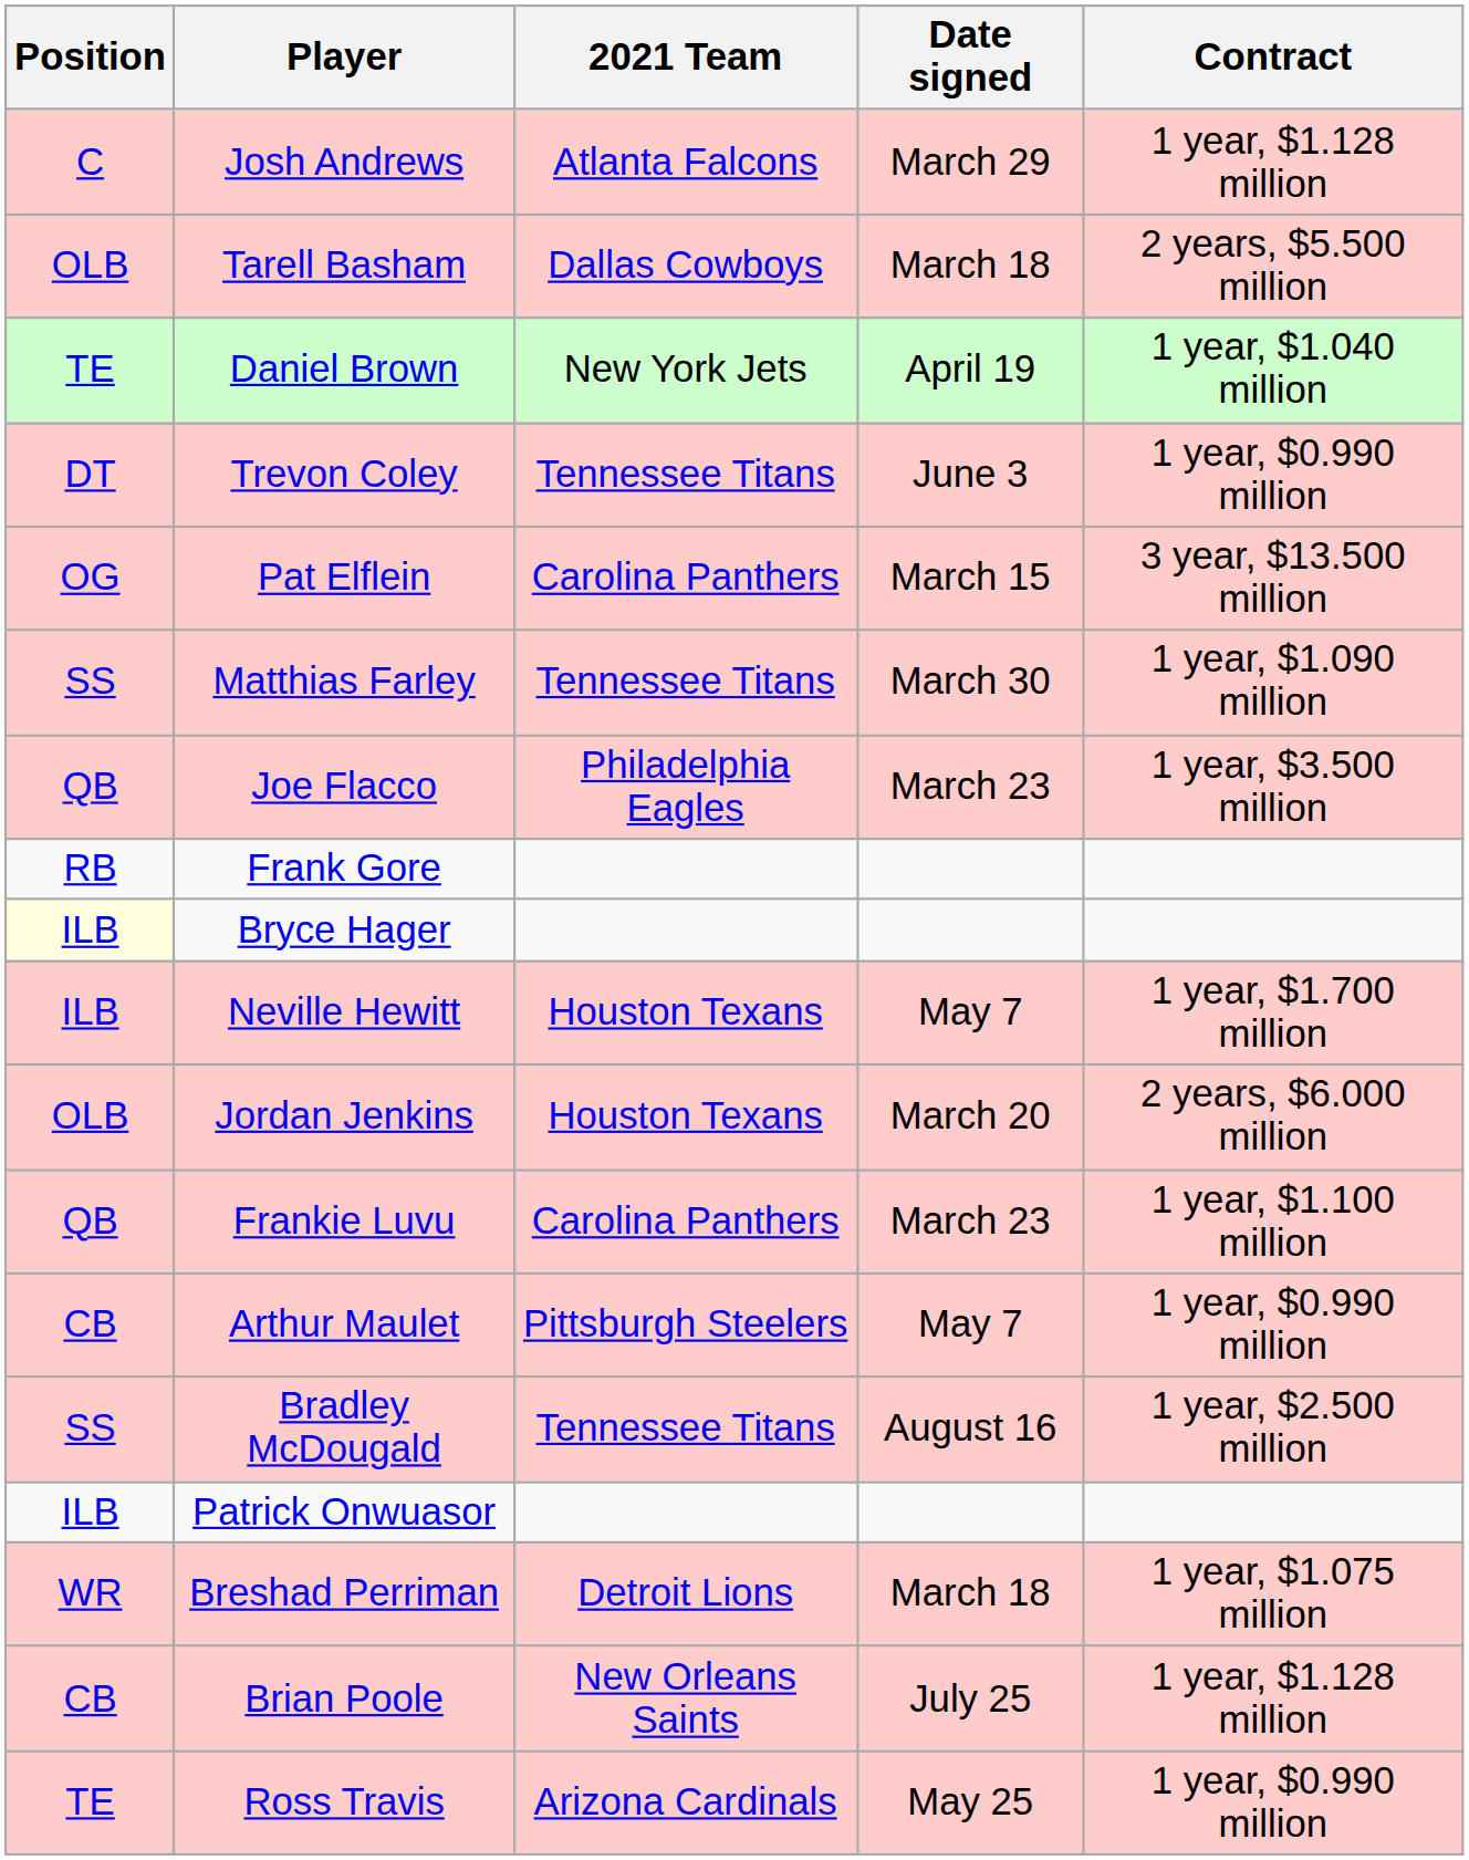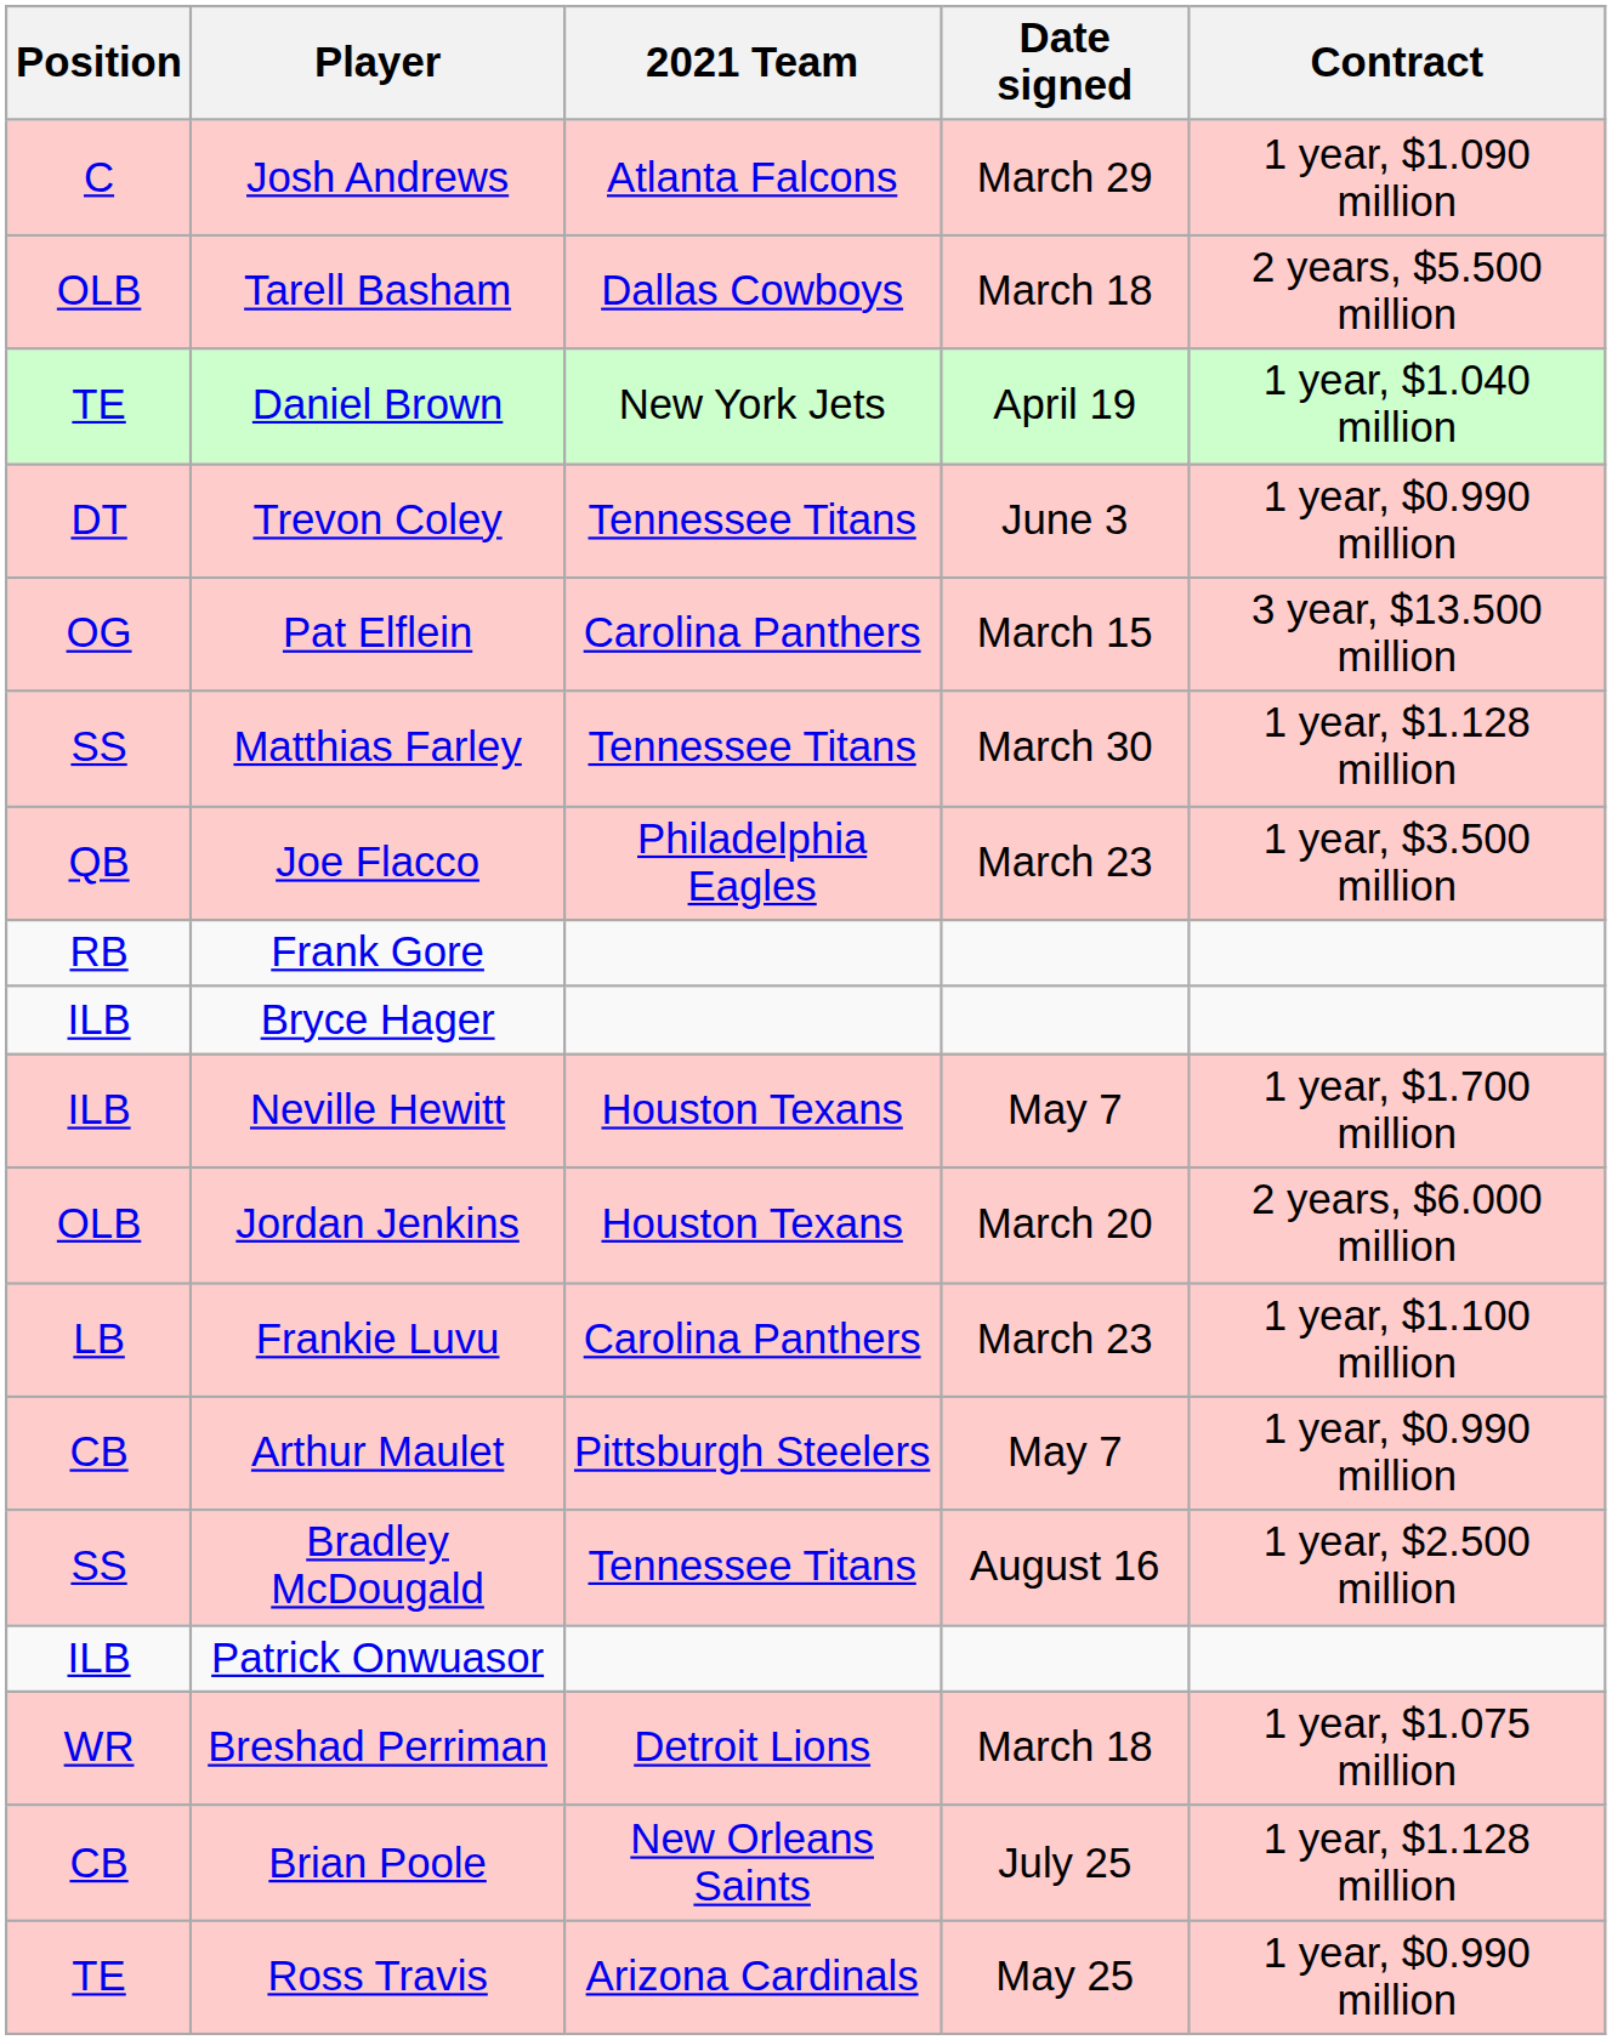 <table class="wikitable sortable" style="text-align:center">
 <tr>
 <th>Position</th>
 <th>Player</th>
 <th>2021 Team</th>
 <th>Date signed</th>
 <th>Contract</th>
 </tr>
 <tr style="background:#fcc;">
 <td><a href='#'>C</a></td>
 <td><a href='#'>Josh Andrews</a></td>
 <td><a href='#'>Atlanta Falcons</a></td>
 <td>March 29</td>
-<td>1 year, $1.128 million</td>
+<td>1 year, $1.090 million</td>
 </tr>
 <tr style="background:#fcc;">
 <td><a href='#'>OLB</a></td>
 <td><a href='#'>Tarell Basham</a></td>
 <td><a href='#'>Dallas Cowboys</a></td>
 <td>March 18</td>
 <td>2 years, $5.500 million</td>
 </tr>
 <tr style="background:#cfc;">
 <td><a href='#'>TE</a></td>
 <td><a href='#'>Daniel Brown</a></td>
 <td>New York Jets</td>
 <td>April 19</td>
 <td>1 year, $1.040 million</td>
 </tr>
 <tr style="background:#fcc;">
 <td><a href='#'>DT</a></td>
 <td><a href='#'>Trevon Coley</a></td>
 <td><a href='#'>Tennessee Titans</a></td>
 <td>June 3</td>
 <td>1 year, $0.990 million</td>
 </tr>
 <tr style="background:#fcc;">
 <td><a href='#'>OG</a></td>
 <td><a href='#'>Pat Elflein</a></td>
 <td><a href='#'>Carolina Panthers</a></td>
 <td>March 15</td>
 <td>3 year, $13.500 million</td>
 </tr>
 <tr style="background:#fcc;">
 <td><a href='#'>SS</a></td>
 <td><a href='#'>Matthias Farley</a></td>
 <td><a href='#'>Tennessee Titans</a></td>
 <td>March 30</td>
-<td>1 year, $1.090 million</td>
+<td>1 year, $1.128 million</td>
 </tr>
 <tr style="background:#fcc;">
 <td><a href='#'>QB</a></td>
 <td><a href='#'>Joe Flacco</a></td>
 <td><a href='#'>Philadelphia Eagles</a></td>
 <td>March 23</td>
 <td>1 year, $3.500 million</td>
 </tr>
 <tr>
 <td><a href='#'>RB</a></td>
 <td><a href='#'>Frank Gore</a></td>
 <td></td>
 <td></td>
 <td></td>
 </tr>
 <tr>
-<td style="background: lightyellow;"><a href='#'>ILB</a></td>
+<td><a href='#'>ILB</a></td>
 <td><a href='#'>Bryce Hager</a></td>
 <td></td>
 <td></td>
 <td></td>
 </tr>
 <tr style="background:#fcc;">
 <td><a href='#'>ILB</a></td>
 <td><a href='#'>Neville Hewitt</a></td>
 <td><a href='#'>Houston Texans</a></td>
 <td>May 7</td>
 <td>1 year, $1.700 million</td>
 </tr>
 <tr style="background:#fcc;">
 <td><a href='#'>OLB</a></td>
 <td><a href='#'>Jordan Jenkins</a></td>
 <td><a href='#'>Houston Texans</a></td>
 <td>March 20</td>
 <td>2 years, $6.000 million</td>
 </tr>
 <tr style="background:#fcc;">
-<td><a href='#'>QB</a></td>
+<td><a href='#'>LB</a></td>
 <td><a href='#'>Frankie Luvu</a></td>
 <td><a href='#'>Carolina Panthers</a></td>
 <td>March 23</td>
 <td>1 year, $1.100 million</td>
 </tr>
 <tr style="background:#fcc;">
 <td><a href='#'>CB</a></td>
 <td><a href='#'>Arthur Maulet</a></td>
 <td><a href='#'>Pittsburgh Steelers</a></td>
 <td>May 7</td>
 <td>1 year, $0.990 million</td>
 </tr>
 <tr style="background:#fcc;">
 <td><a href='#'>SS</a></td>
 <td><a href='#'>Bradley McDougald</a></td>
 <td><a href='#'>Tennessee Titans</a></td>
 <td>August 16</td>
 <td>1 year, $2.500 million</td>
 </tr>
 <tr>
 <td><a href='#'>ILB</a></td>
 <td><a href='#'>Patrick Onwuasor</a></td>
 <td></td>
 <td></td>
 <td></td>
 </tr>
 <tr style="background:#fcc;">
 <td><a href='#'>WR</a></td>
 <td><a href='#'>Breshad Perriman</a></td>
 <td><a href='#'>Detroit Lions</a></td>
 <td>March 18</td>
 <td>1 year, $1.075 million</td>
 </tr>
 <tr style="background:#fcc;">
 <td><a href='#'>CB</a></td>
 <td><a href='#'>Brian Poole</a></td>
 <td><a href='#'>New Orleans Saints</a></td>
 <td>July 25</td>
 <td>1 year, $1.128 million</td>
 </tr>
 <tr style="background:#fcc;">
 <td><a href='#'>TE</a></td>
 <td><a href='#'>Ross Travis</a></td>
 <td><a href='#'>Arizona Cardinals</a></td>
 <td>May 25</td>
 <td>1 year, $0.990 million</td>
 </tr>
 </table>
